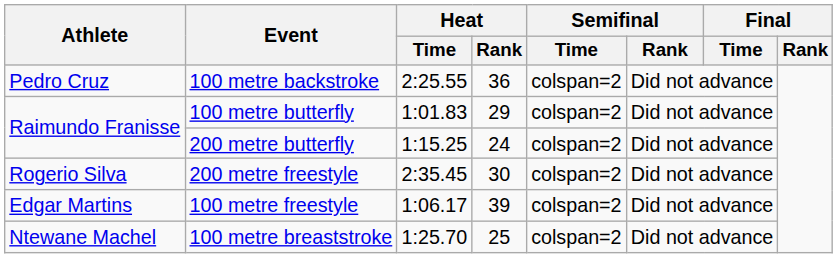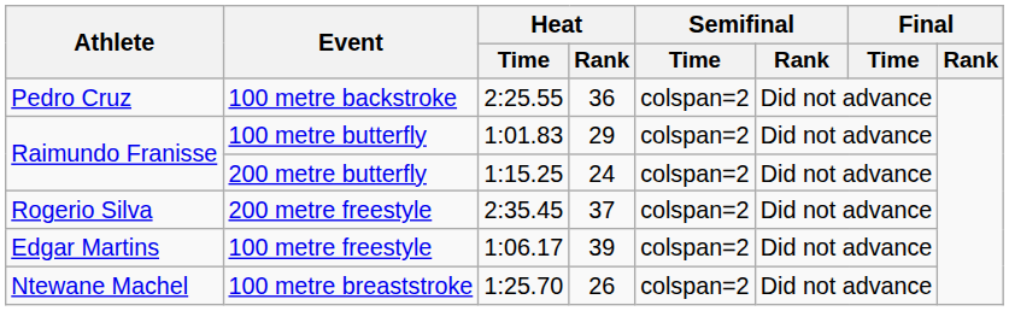 <table class=wikitable style="font-size:90%">
 <tr>
 <th rowspan="2">Athlete</th>
 <th rowspan="2">Event</th>
 <th colspan="2">Heat</th>
 <th colspan="2">Semifinal</th>
 <th colspan="2">Final</th>
 </tr>
 <tr style="font-size:95%">
 <th>Time</th>
 <th>Rank</th>
 <th>Time</th>
 <th>Rank</th>
 <th>Time</th>
 <th>Rank</th>
 </tr>
 <tr align=center>
 <td align=left rowspan=1><a href='#'>Pedro Cruz</a></td>
 <td align=left><a href='#'>100 metre backstroke</a></td>
 <td>2:25.55</td>
 <td>36</td>
 <td>colspan=2 </td>
 <td colspan=2 align=center>Did not advance</td>
 </tr>
 <tr align=center>
 <td align=left rowspan=2><a href='#'>Raimundo Franisse</a></td>
 <td align=left><a href='#'>100 metre butterfly</a></td>
 <td>1:01.83</td>
 <td>29</td>
 <td>colspan=2 </td>
 <td colspan=2 align=center>Did not advance</td>
 </tr>
 <tr align=center>
 <td align=left><a href='#'>200 metre butterfly</a></td>
 <td>1:15.25</td>
 <td>24</td>
 <td>colspan=2 </td>
 <td colspan=2 align=center>Did not advance</td>
 </tr>
 <tr align=center>
 <td align=left rowspan=1><a href='#'>Rogerio Silva</a></td>
 <td align=left><a href='#'>200 metre freestyle</a></td>
 <td>2:35.45</td>
-<td>30</td>
+<td>37</td>
 <td>colspan=2 </td>
 <td colspan=2 align=center>Did not advance</td>
 </tr>
 <tr align=center>
 <td align=left><a href='#'>Edgar Martins</a></td>
 <td align=left><a href='#'>100 metre freestyle</a></td>
 <td>1:06.17</td>
 <td>39</td>
 <td>colspan=2 </td>
 <td colspan=2 align=center>Did not advance</td>
 </tr>
 <tr align=center>
 <td align=left rowspan=1><a href='#'>Ntewane Machel</a></td>
 <td align=left><a href='#'>100 metre breaststroke</a></td>
 <td>1:25.70</td>
-<td>25</td>
+<td>26</td>
 <td>colspan=2 </td>
 <td colspan=2 align=center>Did not advance</td>
 </tr>
 </table>
